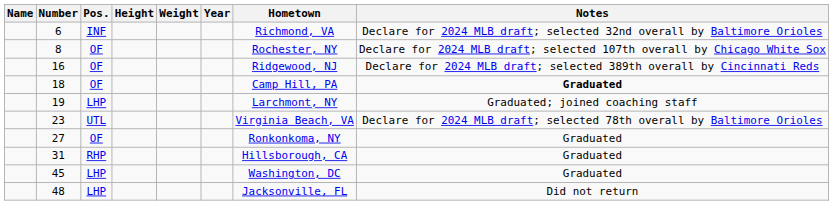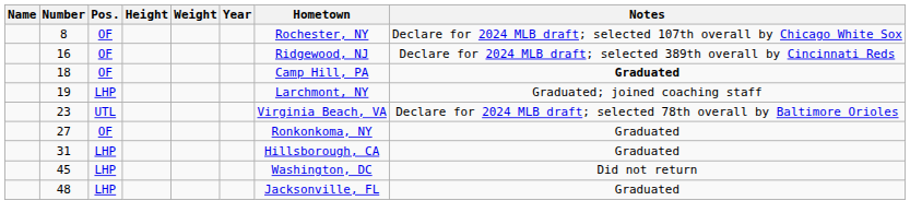 <table class="wikitable sortable sortable" style="text-align: center">
 <tr align=center>
 <th>Name</th>
 <th>Number</th>
 <th>Pos.</th>
 <th>Height</th>
 <th>Weight</th>
 <th>Year</th>
 <th>Hometown</th>
 <th>Notes</th>
-</tr>
-<tr>
-<td></td>
-<td>6</td>
-<td><a href='#'>INF</a></td>
-<td></td>
-<td></td>
-<td></td>
-<td><a href='#'>Richmond, VA</a></td>
-<td>Declare for <a href='#'>2024 MLB draft</a>; selected 32nd overall by <a href='#'>Baltimore Orioles</a></td>
 </tr>
 <tr>
 <td></td>
 <td>8</td>
 <td><a href='#'>OF</a></td>
 <td></td>
 <td></td>
 <td></td>
 <td><a href='#'>Rochester, NY</a></td>
 <td>Declare for <a href='#'>2024 MLB draft</a>; selected 107th overall by <a href='#'>Chicago White Sox</a></td>
 </tr>
 <tr>
 <td></td>
 <td>16</td>
 <td><a href='#'>OF</a></td>
 <td></td>
 <td></td>
 <td></td>
 <td><a href='#'>Ridgewood, NJ</a></td>
 <td>Declare for <a href='#'>2024 MLB draft</a>; selected 389th overall by <a href='#'>Cincinnati Reds</a></td>
 </tr>
 <tr>
 <td></td>
 <td>18</td>
 <td><a href='#'>OF</a></td>
 <td></td>
 <td></td>
 <td></td>
 <td><a href='#'>Camp Hill, PA</a></td>
 <td><strong>Graduated</strong></td>
 </tr>
 <tr>
 <td></td>
 <td>19</td>
 <td><a href='#'>LHP</a></td>
 <td></td>
 <td></td>
 <td></td>
 <td><a href='#'>Larchmont, NY</a></td>
 <td>Graduated; joined coaching staff</td>
 </tr>
 <tr>
 <td></td>
 <td>23</td>
 <td><a href='#'>UTL</a></td>
 <td></td>
 <td></td>
 <td></td>
 <td><a href='#'>Virginia Beach, VA</a></td>
 <td>Declare for <a href='#'>2024 MLB draft</a>; selected 78th overall by <a href='#'>Baltimore Orioles</a></td>
 </tr>
 <tr>
 <td></td>
 <td>27</td>
 <td><a href='#'>OF</a></td>
 <td></td>
 <td></td>
 <td></td>
 <td><a href='#'>Ronkonkoma, NY</a></td>
 <td>Graduated</td>
 </tr>
 <tr>
 <td></td>
 <td>31</td>
-<td><a href='#'>RHP</a></td>
+<td><a href='#'>LHP</a></td>
 <td></td>
 <td></td>
 <td></td>
 <td><a href='#'>Hillsborough, CA</a></td>
 <td>Graduated</td>
 </tr>
 <tr>
 <td></td>
 <td>45</td>
 <td><a href='#'>LHP</a></td>
 <td></td>
 <td></td>
 <td></td>
 <td><a href='#'>Washington, DC</a></td>
-<td>Graduated</td>
+<td>Did not return</td>
 </tr>
 <tr>
 <td></td>
 <td>48</td>
 <td><a href='#'>LHP</a></td>
 <td></td>
 <td></td>
 <td></td>
 <td><a href='#'>Jacksonville, FL</a></td>
-<td>Did not return</td>
+<td>Graduated</td>
 </tr>
 </table>
